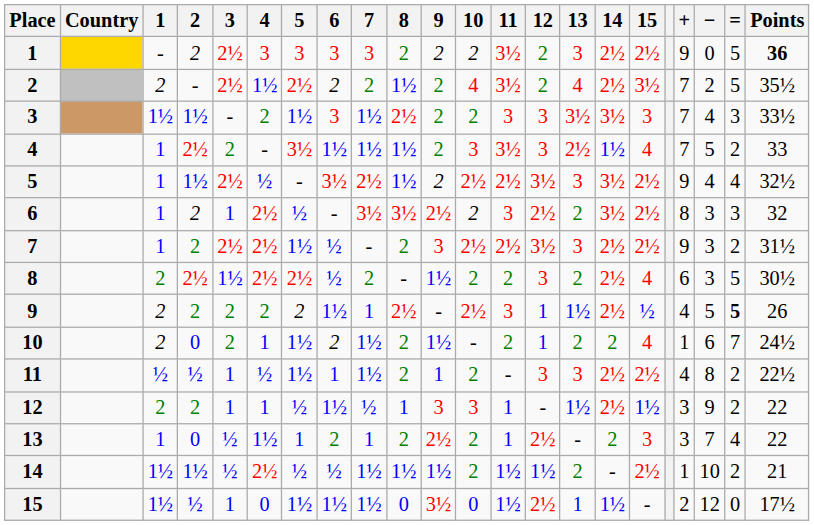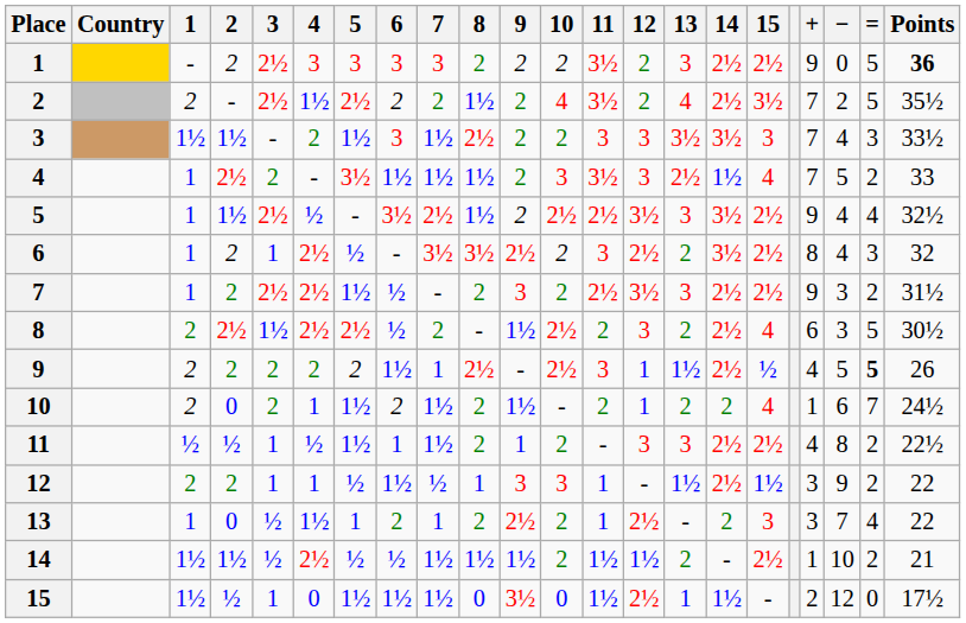 <table class="wikitable" style="text-align:center">
 <tr>
 <th>Place</th>
 <th>Country</th>
 <th>1</th>
 <th>2</th>
 <th>3</th>
 <th>4</th>
 <th>5</th>
 <th>6</th>
 <th>7</th>
 <th>8</th>
 <th>9</th>
 <th>10</th>
 <th>11</th>
 <th>12</th>
 <th>13</th>
 <th>14</th>
 <th>15</th>
 <th></th>
 <th>+</th>
 <th>−</th>
 <th>=</th>
 <th>Points</th>
 </tr>
 <tr>
 <th>1</th>
 <td align=left bgcolor="gold"></td>
 <td>-</td>
 <td style="color: black"><em>2</em></td>
 <td style="color: red;">2½</td>
 <td style="color: red;">3</td>
 <td style="color: red;">3</td>
 <td style="color: red;">3</td>
 <td style="color: red;">3</td>
 <td style="color: green">2</td>
 <td style="color: black"><em>2</em></td>
 <td style="color: black"><em>2</em></td>
 <td style="color: red;">3½</td>
 <td style="color: green">2</td>
 <td style="color: red;">3</td>
 <td style="color: red;">2½</td>
 <td style="color: red;">2½</td>
 <th></th>
 <td>9</td>
 <td>0</td>
 <td>5</td>
 <td><strong>36</strong></td>
 </tr>
 <tr>
 <th>2</th>
 <td align=left bgcolor="silver"></td>
 <td style="color: black"><em>2</em></td>
 <td>-</td>
 <td style="color: red;">2½</td>
 <td style="color: blue;">1½</td>
 <td style="color: red;">2½</td>
 <td style="color: black"><em>2</em></td>
 <td style="color: green">2</td>
 <td style="color: blue;">1½</td>
 <td style="color: green">2</td>
 <td style="color: red;">4</td>
 <td style="color: red;">3½</td>
 <td style="color: green">2</td>
 <td style="color: red;">4</td>
 <td style="color: red;">2½</td>
 <td style="color: red;">3½</td>
 <th></th>
 <td>7</td>
 <td>2</td>
 <td>5</td>
 <td>35½</td>
 </tr>
 <tr>
 <th>3</th>
 <td align=left bgcolor="CC9966"></td>
 <td style="color: blue;">1½</td>
 <td style="color: blue;">1½</td>
 <td>-</td>
 <td style="color: green">2</td>
 <td style="color: blue;">1½</td>
 <td style="color: red;">3</td>
 <td style="color: blue;">1½</td>
 <td style="color: red;">2½</td>
 <td style="color: green">2</td>
 <td style="color: green">2</td>
 <td style="color: red;">3</td>
 <td style="color: red;">3</td>
 <td style="color: red;">3½</td>
 <td style="color: red;">3½</td>
 <td style="color: red;">3</td>
 <th></th>
 <td>7</td>
 <td>4</td>
 <td>3</td>
 <td>33½</td>
 </tr>
 <tr>
 <th>4</th>
 <td style="text-align: left"></td>
 <td style="color: blue;">1</td>
 <td style="color: red;">2½</td>
 <td style="color: green">2</td>
 <td>-</td>
 <td style="color: red;">3½</td>
 <td style="color: blue;">1½</td>
 <td style="color: blue;">1½</td>
 <td style="color: blue;">1½</td>
 <td style="color: green">2</td>
 <td style="color: red;">3</td>
 <td style="color: red;">3½</td>
 <td style="color: red;">3</td>
 <td style="color: red;">2½</td>
 <td style="color: blue;">1½</td>
 <td style="color: red;">4</td>
 <th></th>
 <td>7</td>
 <td>5</td>
 <td>2</td>
 <td>33</td>
 </tr>
 <tr>
 <th>5</th>
 <td style="text-align: left"></td>
 <td style="color: blue;">1</td>
 <td style="color: blue;">1½</td>
 <td style="color: red;">2½</td>
 <td style="color: blue;">½</td>
 <td>-</td>
 <td style="color: red;">3½</td>
 <td style="color: red;">2½</td>
 <td style="color: blue;">1½</td>
 <td style="color: black"><em>2</em></td>
 <td style="color: red;">2½</td>
 <td style="color: red;">2½</td>
 <td style="color: red;">3½</td>
 <td style="color: red;">3</td>
 <td style="color: red;">3½</td>
 <td style="color: red;">2½</td>
 <th></th>
 <td>9</td>
 <td>4</td>
 <td>4</td>
 <td>32½</td>
 </tr>
 <tr>
 <th>6</th>
 <td style="text-align: left"></td>
 <td style="color: blue;">1</td>
 <td style="color: black"><em>2</em></td>
 <td style="color: blue;">1</td>
 <td style="color: red;">2½</td>
 <td style="color: blue;">½</td>
 <td>-</td>
 <td style="color: red;">3½</td>
 <td style="color: red;">3½</td>
 <td style="color: red;">2½</td>
 <td style="color: black"><em>2</em></td>
 <td style="color: red;">3</td>
 <td style="color: red;">2½</td>
 <td style="color: green">2</td>
 <td style="color: red;">3½</td>
 <td style="color: red;">2½</td>
 <th></th>
 <td>8</td>
-<td>3</td>
+<td>4</td>
 <td>3</td>
 <td>32</td>
 </tr>
 <tr>
 <th>7</th>
 <td style="text-align: left"></td>
 <td style="color: blue;">1</td>
 <td style="color: green">2</td>
 <td style="color: red;">2½</td>
 <td style="color: red;">2½</td>
 <td style="color: blue;">1½</td>
 <td style="color: blue;">½</td>
 <td>-</td>
 <td style="color: green">2</td>
 <td style="color: red;">3</td>
-<td style="color: red;">2½</td>
+<td style="color: green">2</td>
 <td style="color: red;">2½</td>
 <td style="color: red;">3½</td>
 <td style="color: red;">3</td>
 <td style="color: red;">2½</td>
 <td style="color: red;">2½</td>
 <th></th>
 <td>9</td>
 <td>3</td>
 <td>2</td>
 <td>31½</td>
 </tr>
 <tr>
 <th>8</th>
 <td style="text-align: left"></td>
 <td style="color: green">2</td>
 <td style="color: red;">2½</td>
 <td style="color: blue;">1½</td>
 <td style="color: red;">2½</td>
 <td style="color: red;">2½</td>
 <td style="color: blue;">½</td>
 <td style="color: green">2</td>
 <td>-</td>
 <td style="color: blue;">1½</td>
-<td style="color: green">2</td>
+<td style="color: red;">2½</td>
 <td style="color: green">2</td>
 <td style="color: red;">3</td>
 <td style="color: green">2</td>
 <td style="color: red;">2½</td>
 <td style="color: red;">4</td>
 <th></th>
 <td>6</td>
 <td>3</td>
 <td>5</td>
 <td>30½</td>
 </tr>
 <tr>
 <th>9</th>
 <td style="text-align: left"></td>
 <td style="color: black"><em>2</em></td>
 <td style="color: green">2</td>
 <td style="color: green">2</td>
 <td style="color: green">2</td>
 <td style="color: black"><em>2</em></td>
 <td style="color: blue;">1½</td>
 <td style="color: blue;">1</td>
 <td style="color: red;">2½</td>
 <td>-</td>
 <td style="color: red;">2½</td>
 <td style="color: red;">3</td>
 <td style="color: blue;">1</td>
 <td style="color: blue;">1½</td>
 <td style="color: red;">2½</td>
 <td style="color: blue;">½</td>
 <th></th>
 <td>4</td>
 <td>5</td>
 <td><strong>5</strong></td>
 <td>26</td>
 </tr>
 <tr>
 <th>10</th>
 <td style="text-align: left"></td>
 <td style="color: black"><em>2</em></td>
 <td style="color: blue;">0</td>
 <td style="color: green">2</td>
 <td style="color: blue;">1</td>
 <td style="color: blue;">1½</td>
 <td style="color: black"><em>2</em></td>
 <td style="color: blue;">1½</td>
 <td style="color: green">2</td>
 <td style="color: blue;">1½</td>
 <td>-</td>
 <td style="color: green">2</td>
 <td style="color: blue;">1</td>
 <td style="color: green">2</td>
 <td style="color: green">2</td>
 <td style="color: red;">4</td>
 <th></th>
 <td>1</td>
 <td>6</td>
 <td>7</td>
 <td>24½</td>
 </tr>
 <tr>
 <th>11</th>
 <td style="text-align: left"></td>
 <td style="color: blue;">½</td>
 <td style="color: blue;">½</td>
 <td style="color: blue;">1</td>
 <td style="color: blue;">½</td>
 <td style="color: blue;">1½</td>
 <td style="color: blue;">1</td>
 <td style="color: blue;">1½</td>
 <td style="color: green">2</td>
 <td style="color: blue;">1</td>
 <td style="color: green">2</td>
 <td>-</td>
 <td style="color: red;">3</td>
 <td style="color: red;">3</td>
 <td style="color: red;">2½</td>
 <td style="color: red;">2½</td>
 <th></th>
 <td>4</td>
 <td>8</td>
 <td>2</td>
 <td>22½</td>
 </tr>
 <tr>
 <th>12</th>
 <td style="text-align: left"></td>
 <td style="color: green">2</td>
 <td style="color: green">2</td>
 <td style="color: blue;">1</td>
 <td style="color: blue;">1</td>
 <td style="color: blue;">½</td>
 <td style="color: blue;">1½</td>
 <td style="color: blue;">½</td>
 <td style="color: blue;">1</td>
 <td style="color: red;">3</td>
 <td style="color: red;">3</td>
 <td style="color: blue;">1</td>
 <td>-</td>
 <td style="color: blue;">1½</td>
 <td style="color: red;">2½</td>
 <td style="color: blue;">1½</td>
 <th></th>
 <td>3</td>
 <td>9</td>
 <td>2</td>
 <td>22</td>
 </tr>
 <tr>
 <th>13</th>
 <td style="text-align: left"></td>
 <td style="color: blue;">1</td>
 <td style="color: blue;">0</td>
 <td style="color: blue;">½</td>
 <td style="color: blue;">1½</td>
 <td style="color: blue;">1</td>
 <td style="color: green">2</td>
 <td style="color: blue;">1</td>
 <td style="color: green">2</td>
 <td style="color: red;">2½</td>
 <td style="color: green">2</td>
 <td style="color: blue;">1</td>
 <td style="color: red;">2½</td>
 <td>-</td>
 <td style="color: green">2</td>
 <td style="color: red;">3</td>
 <th></th>
 <td>3</td>
 <td>7</td>
 <td>4</td>
 <td>22</td>
 </tr>
 <tr>
 <th>14</th>
 <td style="text-align: left"></td>
 <td style="color: blue;">1½</td>
 <td style="color: blue;">1½</td>
 <td style="color: blue;">½</td>
 <td style="color: red;">2½</td>
 <td style="color: blue;">½</td>
 <td style="color: blue;">½</td>
 <td style="color: blue;">1½</td>
 <td style="color: blue;">1½</td>
 <td style="color: blue;">1½</td>
 <td style="color: green">2</td>
 <td style="color: blue;">1½</td>
 <td style="color: blue;">1½</td>
 <td style="color: green">2</td>
 <td>-</td>
 <td style="color: red;">2½</td>
 <th></th>
 <td>1</td>
 <td>10</td>
 <td>2</td>
 <td>21</td>
 </tr>
 <tr>
 <th>15</th>
 <td style="text-align: left"></td>
 <td style="color: blue;">1½</td>
 <td style="color: blue;">½</td>
 <td style="color: blue;">1</td>
 <td style="color: blue;">0</td>
 <td style="color: blue;">1½</td>
 <td style="color: blue;">1½</td>
 <td style="color: blue;">1½</td>
 <td style="color: blue;">0</td>
 <td style="color: red;">3½</td>
 <td style="color: blue;">0</td>
 <td style="color: blue;">1½</td>
 <td style="color: red;">2½</td>
 <td style="color: blue;">1</td>
 <td style="color: blue;">1½</td>
 <td>-</td>
 <th></th>
 <td>2</td>
 <td>12</td>
 <td>0</td>
 <td>17½</td>
 </tr>
 </table>
